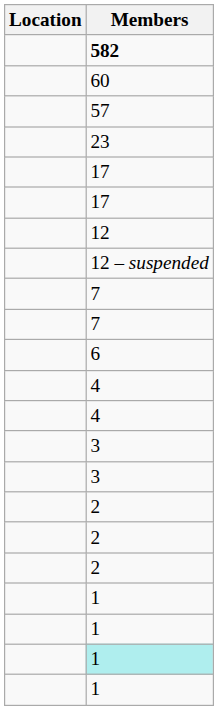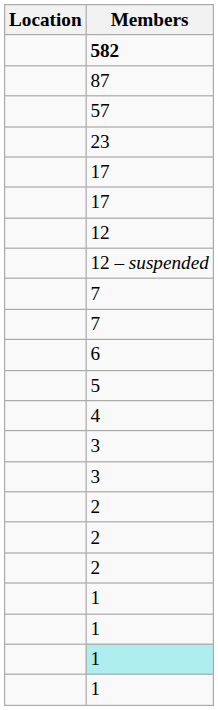 <table class="wikitable">
 <tr>
 <th>Location</th>
 <th>Members</th>
 </tr>
 <tr>
 <td></td>
 <td><strong>582</strong></td>
 </tr>
 <tr>
 <td></td>
-<td>60</td>
+<td>87</td>
 </tr>
 <tr>
 <td></td>
 <td>57</td>
 </tr>
 <tr>
 <td></td>
 <td>23</td>
 </tr>
 <tr>
 <td></td>
 <td>17</td>
 </tr>
 <tr>
 <td></td>
 <td>17</td>
 </tr>
 <tr>
 <td></td>
 <td>12</td>
 </tr>
 <tr>
 <td></td>
 <td>12 – <em>suspended</em></td>
 </tr>
 <tr>
 <td></td>
 <td>7</td>
 </tr>
 <tr>
 <td></td>
 <td>7</td>
 </tr>
 <tr>
 <td></td>
 <td>6</td>
 </tr>
 <tr>
 <td></td>
-<td>4</td>
+<td>5</td>
 </tr>
 <tr>
 <td></td>
 <td>4</td>
 </tr>
 <tr>
 <td></td>
 <td>3</td>
 </tr>
 <tr>
 <td></td>
 <td>3</td>
 </tr>
 <tr>
 <td></td>
 <td>2</td>
 </tr>
 <tr>
 <td></td>
 <td>2</td>
 </tr>
 <tr>
 <td></td>
 <td>2</td>
 </tr>
 <tr>
 <td></td>
 <td>1</td>
 </tr>
 <tr>
 <td></td>
 <td>1</td>
 </tr>
 <tr>
 <td></td>
 <td style="background: paleturquoise;">1</td>
 </tr>
 <tr>
 <td></td>
 <td>1</td>
 </tr>
 </table>
